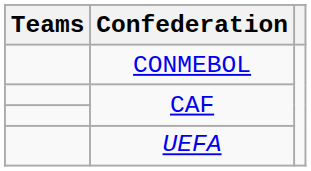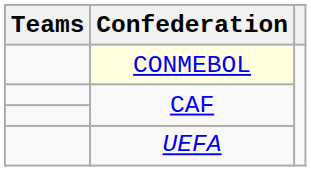 <table class="wikitable" style="text-align:center">
 <tr>
 <th>Teams</th>
 <th>Confederation</th>
 <th></th>
 </tr>
 <tr>
 <td></td>
-<td><a href='#'>CONMEBOL</a></td>
+<td style="background: lightyellow;"><a href='#'>CONMEBOL</a></td>
 <td style="text-align:center;" rowspan="4"></td>
 </tr>
 <tr>
 <td></td>
 <td style="text-align:center;" rowspan="2"><a href='#'>CAF</a></td>
 </tr>
 <tr>
 <td></td>
 </tr>
 <tr>
 <td></td>
 <td><em><a href='#'>UEFA</a></em></td>
 </tr>
 </table>
